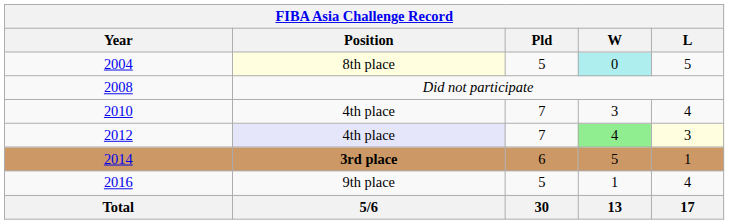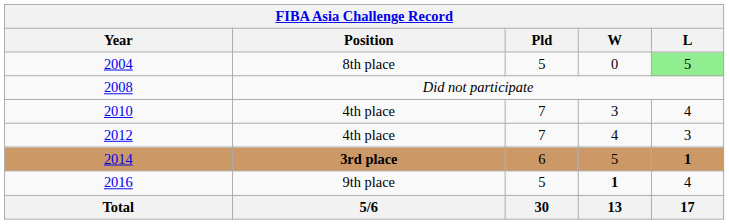 <table class="wikitable collapsible autocollapse" style="text-align: center; font-size:95%;" width=60%>
 <tr>
 <th colspan=9><a href='#'>FIBA Asia Challenge Record</a></th>
 </tr>
 <tr>
 <th width=25%>Year</th>
 <th width=30%>Position</th>
 <th width=8%>Pld</th>
 <th width=8%>W</th>
 <th width=8%>L</th>
 </tr>
 <tr>
 <td> <a href='#'>2004</a></td>
-<td style="background: lightyellow;">8th place</td>
+<td>8th place</td>
 <td>5</td>
-<td style="background: paleturquoise;">0</td>
-<td>5</td>
+<td>0</td>
+<td style="background: lightgreen;">5</td>
 </tr>
 <tr>
 <td> <a href='#'>2008</a></td>
 <td colspan=4><em>Did not participate</em></td>
 </tr>
 <tr>
 <td> <a href='#'>2010</a></td>
 <td>4th place</td>
 <td>7</td>
 <td>3</td>
 <td>4</td>
 </tr>
 <tr>
 <td> <a href='#'>2012</a></td>
-<td style="background: lavender;">4th place</td>
+<td>4th place</td>
 <td>7</td>
-<td style="background: lightgreen;">4</td>
-<td style="background: lightyellow;">3</td>
+<td>4</td>
+<td>3</td>
 </tr>
 <tr bgcolor=#cc9966>
 <td> <a href='#'>2014</a></td>
 <td><strong>3rd place</strong></td>
 <td>6</td>
 <td>5</td>
-<td>1</td>
+<td><strong>1</strong></td>
 </tr>
 <tr>
 <td> <a href='#'>2016</a></td>
 <td>9th place</td>
 <td>5</td>
-<td>1</td>
+<td><strong>1</strong></td>
 <td>4</td>
 </tr>
 <tr>
 <th><strong>Total</strong></th>
 <th>5/6</th>
 <th>30</th>
 <th>13</th>
 <th>17</th>
 </tr>
 </table>
